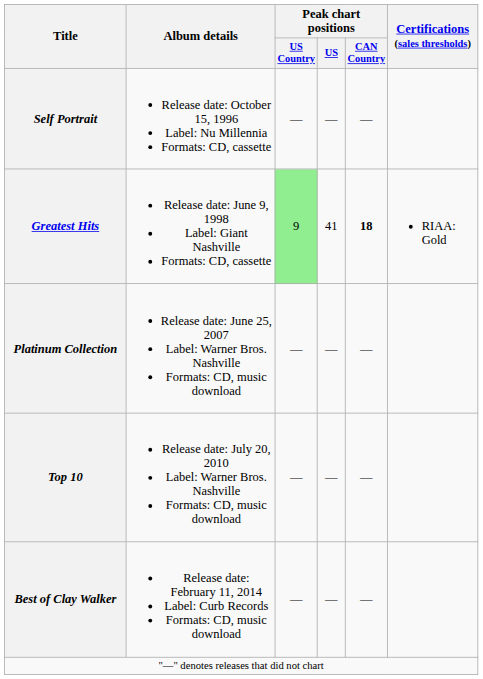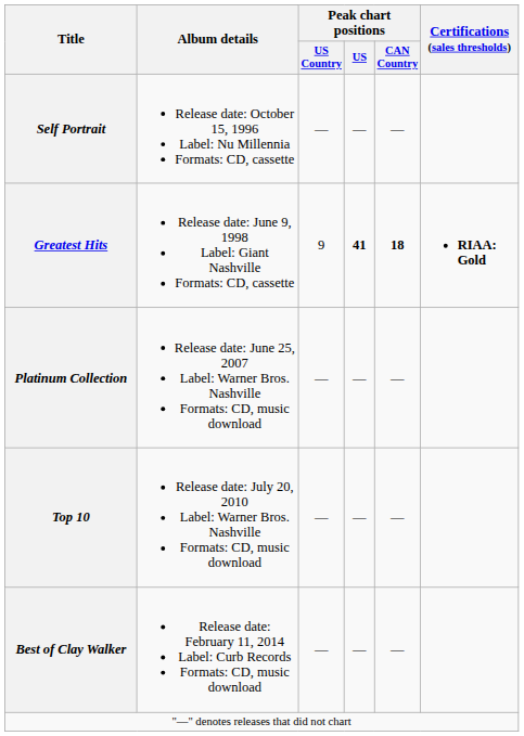 <table class="wikitable plainrowheaders" style="text-align:center;">
 <tr>
 <th rowspan="2" style="width:16em;">Title</th>
 <th rowspan="2" style="width:18em;">Album details</th>
 <th colspan="3">Peak chart positions</th>
 <th rowspan="2" style="width:8em;"><a href='#'>Certifications</a><br><small>(<a href='#'>sales thresholds</a>)</small></th>
 </tr>
 <tr style="font-size:smaller;">
 <th width="45"><a href='#'>US Country</a><br></th>
 <th width="45"><a href='#'>US</a><br></th>
 <th width="45"><a href='#'>CAN Country</a><br></th>
 </tr>
 <tr>
 <th scope="row"><em>Self Portrait</em></th>
 <td><br><ul><li>Release date: October 15, 1996</li><li>Label: Nu Millennia</li><li>Formats: CD, cassette</li></ul></td>
 <td>—</td>
 <td>—</td>
 <td>—</td>
 <td></td>
 </tr>
 <tr>
 <th scope="row"><em><a href='#'>Greatest Hits</a></em></th>
 <td><br><ul><li>Release date: June 9, 1998</li><li>Label: Giant Nashville</li><li>Formats: CD, cassette</li></ul></td>
-<td style="background: lightgreen;">9</td>
-<td>41</td>
+<td>9</td>
+<td><strong>41</strong></td>
 <td><strong>18</strong></td>
-<td align="left"><br><ul><li>RIAA: Gold</li></ul></td>
+<td align="left"><strong><br><ul><li>RIAA: Gold</li></ul></strong></td>
 </tr>
 <tr>
 <th scope="row"><em>Platinum Collection</em></th>
 <td><br><ul><li>Release date: June 25, 2007</li><li>Label: Warner Bros. Nashville</li><li>Formats: CD, music download</li></ul></td>
 <td>—</td>
 <td>—</td>
 <td>—</td>
 <td></td>
 </tr>
 <tr>
 <th scope="row"><em>Top 10</em></th>
 <td><br><ul><li>Release date: July 20, 2010</li><li>Label: Warner Bros. Nashville</li><li>Formats: CD, music download</li></ul></td>
 <td>—</td>
 <td>—</td>
 <td>—</td>
 <td></td>
 </tr>
 <tr>
 <th scope="row"><em>Best of Clay Walker</em></th>
 <td><br><ul><li>Release date: February 11, 2014</li><li>Label: Curb Records</li><li>Formats: CD, music download</li></ul></td>
 <td>—</td>
 <td>—</td>
 <td>—</td>
 <td></td>
 </tr>
 <tr>
 <td colspan="10" style="font-size:85%">"—" denotes releases that did not chart</td>
 </tr>
 </table>
